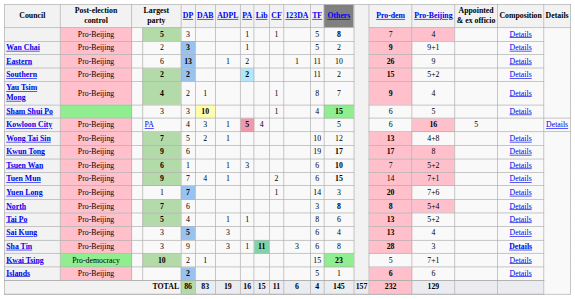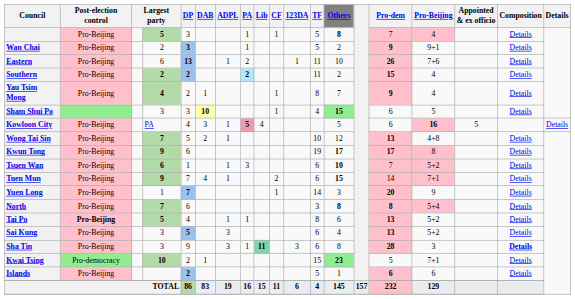 <table class="wikitable" style="text-align:center;font-size:75%">
 <tr>
 <th>Council</th>
 <th>Post-election control</th>
 <th colspan=2>Largest party</th>
 <th class="unsortable" style="background:"><a href='#'><span>DP</span></a></th>
 <th class="unsortable" style="background:"><a href='#'><span>DAB</span></a></th>
 <th class="unsortable" style="background:"><a href='#'><span>ADPL</span></a></th>
 <th class="unsortable" style="background:"><a href='#'><span>PA</span></a></th>
 <th class="unsortable" style="background:"><a href='#'><span>Lib</span></a></th>
 <th class="unsortable" style="background:"><a href='#'><span>CF</span></a></th>
 <th class="unsortable" style="background:"><a href='#'><span>123DA</span></a></th>
 <th class="unsortable" style="background:"><a href='#'><span>TF</span></a></th>
 <th class="unsortable" style="background:gray; width:40px;"><a href='#'><span>Others</span></a></th>
 <th class="unsortable" rowspan=20></th>
 <th class="unsortable"  style="width:60px;"><a href='#'>Pro-dem</a></th>
 <th class="unsortable"  style="width:60px;"><a href='#'>Pro-Beijing</a></th>
 <th class="unsortable" style="width:60px;">Appointed<br>& ex officio</th>
 <th class="unsortable">Composition</th>
 <th class="unsortable">Details</th>
 </tr>
 <tr>
 <th scope="row" style="text-align: left;"></th>
 <td style="background-color:Pink">Pro-Beijing</td>
 <td></td>
 <td bgcolor=#b3dba9><strong>5</strong></td>
 <td>3</td>
 <td></td>
 <td></td>
 <td>1</td>
 <td></td>
 <td>1</td>
 <td></td>
 <td>5</td>
 <td><strong>8</strong></td>
 <td bgcolor=Pink>7</td>
 <td bgcolor=Pink>4</td>
 <td></td>
 <td><a href='#'>Details</a></td>
 </tr>
 <tr>
 <th scope="row" style="text-align: left;"><a href='#'>Wan Chai</a></th>
 <td style="background-color:Pink">Pro-Beijing</td>
 <td></td>
 <td>2</td>
 <td bgcolor=#98c3f1><strong>3</strong></td>
 <td></td>
 <td></td>
 <td>1</td>
 <td></td>
 <td></td>
 <td></td>
 <td>5</td>
 <td>2</td>
 <td bgcolor=Pink><strong>9</strong></td>
 <td>9+1</td>
 <td></td>
 <td><a href='#'>Details</a></td>
 </tr>
 <tr>
 <th scope="row" style="text-align: left;"><a href='#'>Eastern</a></th>
 <td style="background-color:Pink">Pro-Beijing</td>
 <td></td>
 <td>6</td>
 <td bgcolor=#98c3f1><strong>13</strong></td>
 <td></td>
 <td>1</td>
 <td>2</td>
 <td></td>
 <td></td>
 <td>1</td>
 <td>11</td>
 <td>10</td>
 <td bgcolor=pink><strong>26</strong></td>
-<td>9</td>
+<td>7+6</td>
 <td></td>
 <td><a href='#'>Details</a></td>
 </tr>
 <tr>
 <th scope="row" style="text-align: left;"><a href='#'>Southern</a></th>
 <td style="background-color:Pink">Pro-Beijing</td>
 <td></td>
 <td bgcolor=#b3dba9><strong>2</strong></td>
 <td bgcolor=#98c3f1><strong>2</strong></td>
 <td></td>
 <td></td>
 <td bgcolor=#b2e6fa><strong>2</strong></td>
 <td></td>
 <td></td>
 <td></td>
 <td>11</td>
 <td>2</td>
 <td bgcolor=pink><strong>15</strong></td>
-<td>5+2</td>
+<td>4</td>
 <td></td>
 <td><a href='#'>Details</a></td>
 </tr>
 <tr>
 <th scope="row" style="text-align: left;"><a href='#'>Yau Tsim Mong</a></th>
 <td style="background-color:Pink">Pro-Beijing</td>
 <td></td>
 <td bgcolor=#b3dba9><strong>4</strong></td>
 <td>2</td>
 <td>1</td>
 <td></td>
 <td></td>
 <td></td>
 <td>1</td>
 <td></td>
 <td>8</td>
 <td>7</td>
 <td bgcolor=Pink><strong>9</strong></td>
 <td>4</td>
 <td></td>
 <td><a href='#'>Details</a></td>
 </tr>
 <tr>
 <th scope="row" style="text-align: left;"><a href='#'>Sham Shui Po</a></th>
 <td style="background-color:LightGreen"></td>
 <td></td>
 <td>3</td>
 <td>3</td>
 <td bgcolor=#fffdac><strong>10</strong></td>
 <td></td>
 <td></td>
 <td></td>
 <td>1</td>
 <td></td>
 <td>4</td>
 <td bgcolor=lightgreen><strong>15</strong></td>
 <td>6</td>
 <td>5</td>
 <td></td>
 <td><a href='#'>Details</a></td>
 </tr>
 <tr>
 <th scope="row" style="text-align: left;"><a href='#'>Kowloon City</a></th>
 <td style="background-color:Pink">Pro-Beijing</td>
 <td></td>
 <td align=left><a href='#'>PA</a></td>
 <td>4</td>
 <td>3</td>
 <td>1</td>
 <td bgcolor=#f199aa><strong>5</strong></td>
 <td>4</td>
 <td></td>
 <td></td>
 <td></td>
 <td>5</td>
 <td>6</td>
 <td bgcolor=Pink><strong>16</strong></td>
 <td>5</td>
 <td></td>
 <td><a href='#'>Details</a></td>
 </tr>
 <tr>
 <th scope="row" style="text-align: left;"><a href='#'>Wong Tai Sin</a></th>
 <td style="background-color:Pink">Pro-Beijing</td>
 <td></td>
 <td bgcolor=#b3dba9><strong>7</strong></td>
 <td>5</td>
 <td>2</td>
 <td>1</td>
 <td></td>
 <td></td>
 <td></td>
 <td></td>
 <td>10</td>
 <td>12</td>
 <td bgcolor=Pink><strong>13</strong></td>
 <td>4+8</td>
 <td></td>
 <td><a href='#'>Details</a></td>
 </tr>
 <tr>
 <th scope="row" style="text-align: left;"><a href='#'>Kwun Tong</a></th>
 <td style="background-color:Pink">Pro-Beijing</td>
 <td></td>
 <td bgcolor=#b3dba9><strong>9</strong></td>
 <td>6</td>
 <td></td>
 <td></td>
 <td></td>
 <td></td>
 <td></td>
 <td></td>
 <td>19</td>
 <td><strong>17</strong></td>
 <td bgcolor=Pink><strong>17</strong></td>
 <td bgcolor=Pink>8</td>
 <td></td>
 <td><a href='#'>Details</a></td>
 </tr>
 <tr>
 <th scope="row" style="text-align: left;"><a href='#'>Tsuen Wan</a></th>
 <td style="background-color:Pink">Pro-Beijing</td>
 <td></td>
 <td bgcolor=#b3dba9><strong>6</strong></td>
 <td>1</td>
 <td></td>
 <td>1</td>
 <td>3</td>
 <td></td>
 <td></td>
 <td></td>
 <td>6</td>
 <td><strong>10</strong></td>
 <td bgcolor=pink>7</td>
 <td bgcolor=pink>5+2</td>
 <td></td>
 <td><a href='#'>Details</a></td>
 </tr>
 <tr>
 <th scope="row" style="text-align: left;"><a href='#'>Tuen Mun</a></th>
 <td style="background-color:Pink">Pro-Beijing</td>
 <td></td>
 <td bgcolor=#b3dba9><strong>9</strong></td>
 <td>7</td>
 <td>4</td>
 <td>1</td>
 <td></td>
 <td></td>
 <td>2</td>
 <td></td>
 <td>6</td>
 <td><strong>15</strong></td>
 <td bgcolor=pink>14</td>
 <td bgcolor=pink>7+1</td>
 <td></td>
 <td><a href='#'>Details</a></td>
 </tr>
 <tr>
 <th scope="row" style="text-align: left;"><a href='#'>Yuen Long</a></th>
 <td style="background-color:Pink">Pro-Beijing</td>
 <td></td>
 <td>1</td>
 <td bgcolor=#98c3f1><strong>7</strong></td>
 <td></td>
 <td></td>
 <td></td>
 <td></td>
 <td>1</td>
 <td></td>
 <td>14</td>
 <td>3</td>
 <td bgcolor=pink><strong>20</strong></td>
-<td>7+6</td>
+<td>9</td>
 <td></td>
 <td><a href='#'>Details</a></td>
 </tr>
 <tr>
 <th scope="row" style="text-align: left;"><a href='#'>North</a></th>
 <td style="background-color:Pink">Pro-Beijing</td>
 <td></td>
 <td bgcolor=#b3dba9><strong>7</strong></td>
 <td>6</td>
 <td></td>
 <td></td>
 <td></td>
 <td></td>
 <td></td>
 <td></td>
 <td>3</td>
 <td><strong>8</strong></td>
 <td bgcolor=Pink><strong>8</strong></td>
 <td bgcolor=Pink>5+4</td>
 <td></td>
 <td><a href='#'>Details</a></td>
 </tr>
 <tr>
 <th scope="row" style="text-align: left;"><a href='#'>Tai Po</a></th>
-<td style="background-color:Pink">Pro-Beijing</td>
+<td style="background-color:Pink"><strong>Pro-Beijing</strong></td>
 <td></td>
 <td bgcolor=#b3dba9><strong>5</strong></td>
 <td>4</td>
 <td></td>
 <td>1</td>
 <td>1</td>
 <td></td>
 <td></td>
 <td></td>
 <td>8</td>
 <td>6</td>
 <td bgcolor=pink><strong>13</strong></td>
 <td>5+2</td>
 <td></td>
 <td><a href='#'>Details</a></td>
 </tr>
 <tr>
 <th scope="row" style="text-align: left;"><a href='#'>Sai Kung</a></th>
 <td style="background-color:Pink">Pro-Beijing</td>
 <td></td>
 <td>3</td>
 <td bgcolor=#98c3f1><strong>5</strong></td>
 <td></td>
 <td>3</td>
 <td></td>
 <td></td>
 <td></td>
 <td></td>
 <td>6</td>
 <td>4</td>
 <td bgcolor=pink><strong>13</strong></td>
-<td>4</td>
+<td>5+2</td>
 <td></td>
 <td><a href='#'>Details</a></td>
 </tr>
 <tr>
 <th scope="row" style="text-align: left;"><a href='#'>Sha Tin</a></th>
 <td style="background-color:Pink">Pro-Beijing</td>
 <td></td>
 <td>3</td>
 <td>9</td>
 <td></td>
 <td>3</td>
 <td>1</td>
 <td bgcolor=#7fd3a9><strong>11</strong></td>
 <td></td>
 <td>3</td>
 <td>6</td>
 <td>8</td>
 <td bgcolor=pink><strong>28</strong></td>
 <td>3</td>
 <td></td>
 <td><strong><a href='#'>Details</a></strong></td>
 </tr>
 <tr>
 <th scope="row" style="text-align: left;"><a href='#'>Kwai Tsing</a></th>
 <td style="background-color:LightGreen">Pro-democracy</td>
 <td></td>
 <td bgcolor=#b3dba9><strong>10</strong></td>
 <td>2</td>
 <td>1</td>
 <td></td>
 <td></td>
 <td></td>
 <td></td>
 <td></td>
 <td>15</td>
 <td bgcolor=lightgreen><strong>23</strong></td>
 <td>5</td>
 <td>7+1</td>
 <td></td>
 <td><a href='#'>Details</a></td>
 </tr>
 <tr>
 <th scope="row" style="text-align: left;"><a href='#'>Islands</a></th>
 <td style="background-color:Pink">Pro-Beijing</td>
 <td></td>
 <td></td>
 <td bgcolor=#98c3f1><strong>2</strong></td>
 <td></td>
 <td></td>
 <td></td>
 <td></td>
 <td></td>
 <td></td>
 <td>5</td>
 <td>1</td>
 <td bgcolor=pink><strong>6</strong></td>
 <td>6</td>
 <td></td>
 <td><a href='#'>Details</a></td>
 </tr>
 <tr>
 </tr>
 <tr bgcolor=#EAECF0>
 <th scope="row" style="text-align: right;" colspan=4>TOTAL</th>
 <td bgcolor=#b3dba9><strong>86</strong></td>
 <td><strong>83</strong></td>
 <td><strong>19</strong></td>
 <td><strong>16</strong></td>
 <td><strong>15</strong></td>
 <td><strong>11</strong></td>
 <td><strong>6</strong></td>
 <td><strong>4</strong></td>
 <td><strong>145</strong></td>
 <td><strong>157</strong></td>
 <td bgcolor=Pink><strong>232</strong></td>
 <td><strong>129</strong></td>
 <td></td>
 <td></td>
 </tr>
 <tr>
 </tr>
 </table>
